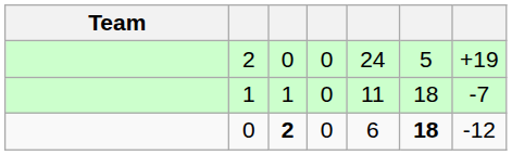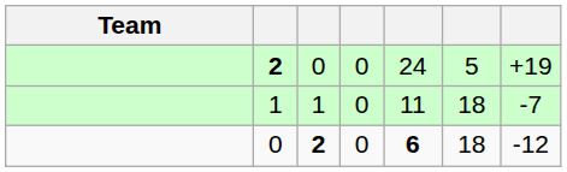 <table class="wikitable" style="text-align:center;">
 <tr>
 <th width=150>Team</th>
 <th width=20></th>
 <th width=20></th>
 <th width=20></th>
 <th width=30></th>
 <th width=30></th>
 <th width=30></th>
 </tr>
 <tr bgcolor="#ccffcc">
 <td align="left"></td>
-<td>2</td>
+<td><strong>2</strong></td>
 <td>0</td>
 <td>0</td>
 <td>24</td>
 <td>5</td>
 <td>+19</td>
 </tr>
 <tr bgcolor="#ccffcc">
 <td align="left"></td>
 <td>1</td>
 <td>1</td>
 <td>0</td>
 <td>11</td>
 <td>18</td>
 <td>-7</td>
 </tr>
 <tr bgcolor=>
 <td align="left"></td>
 <td>0</td>
 <td><strong>2</strong></td>
 <td>0</td>
-<td>6</td>
-<td><strong>18</strong></td>
+<td><strong>6</strong></td>
+<td>18</td>
 <td>-12</td>
 </tr>
 </table>
